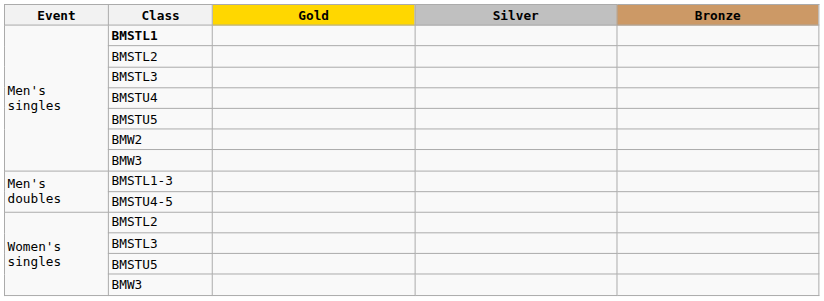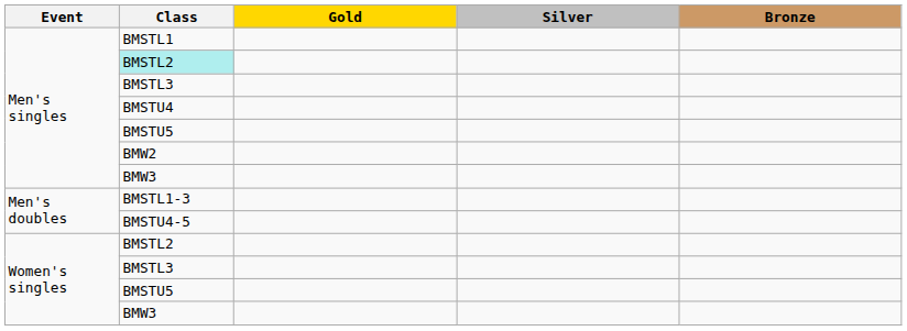 <table class=wikitable style="font-size:100%">
 <tr>
 <th rowspan="1" width="100px">Event</th>
 <th rowspan="1" width="100px">Class</th>
 <th rowspan="1" width="200px" style="background:gold;">Gold</th>
 <th colspan="1" width="200px" style="background:silver;">Silver</th>
 <th colspan="1" width="200px" style="background:#CC9966;">Bronze</th>
 </tr>
 <tr>
 <td rowspan="7">Men's singles</td>
-<td><strong>BMSTL1</strong></td>
+<td>BMSTL1</td>
 <td></td>
 <td></td>
 <td></td>
 </tr>
 <tr>
-<td>BMSTL2</td>
+<td style="background: paleturquoise;">BMSTL2</td>
 <td></td>
 <td></td>
 <td></td>
 </tr>
 <tr>
 <td>BMSTL3</td>
 <td></td>
 <td></td>
 <td></td>
 </tr>
 <tr>
 <td>BMSTU4</td>
 <td></td>
 <td></td>
 <td></td>
 </tr>
 <tr>
 <td>BMSTU5</td>
 <td></td>
 <td></td>
 <td></td>
 </tr>
 <tr>
 <td>BMW2</td>
 <td></td>
 <td></td>
 <td></td>
 </tr>
 <tr>
 <td>BMW3</td>
 <td></td>
 <td></td>
 <td></td>
 </tr>
 <tr>
 <td rowspan="2">Men's doubles</td>
 <td>BMSTL1-3</td>
 <td></td>
 <td></td>
 <td></td>
 </tr>
 <tr>
 <td>BMSTU4-5</td>
 <td></td>
 <td></td>
 <td></td>
 </tr>
 <tr>
 <td rowspan="4">Women's singles</td>
 <td>BMSTL2</td>
 <td></td>
 <td></td>
 <td></td>
 </tr>
 <tr>
 <td>BMSTL3</td>
 <td></td>
 <td></td>
 <td></td>
 </tr>
 <tr>
 <td>BMSTU5</td>
 <td></td>
 <td></td>
 <td></td>
 </tr>
 <tr>
 <td>BMW3</td>
 <td></td>
 <td></td>
 <td></td>
 </tr>
 </table>
